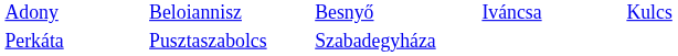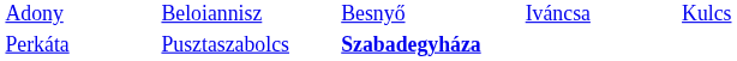 <table cellspacing="3">
 <tr>
 <td width=150><a href='#'>Adony</a></td>
 <td width=150><a href='#'>Beloiannisz</a></td>
 <td width=150><a href='#'>Besnyő</a></td>
 <td width=150><a href='#'>Iváncsa</a></td>
 <td width=150><a href='#'>Kulcs</a></td>
 </tr>
 <tr>
 <td width=150><a href='#'>Perkáta</a></td>
 <td width=150><a href='#'>Pusztaszabolcs</a></td>
-<td width=150><a href='#'>Szabadegyháza</a></td>
+<td width=150><strong><a href='#'>Szabadegyháza</a></strong></td>
 </tr>
 </table>
